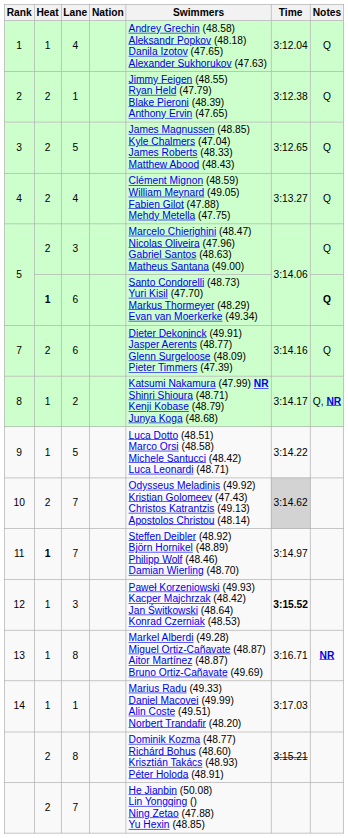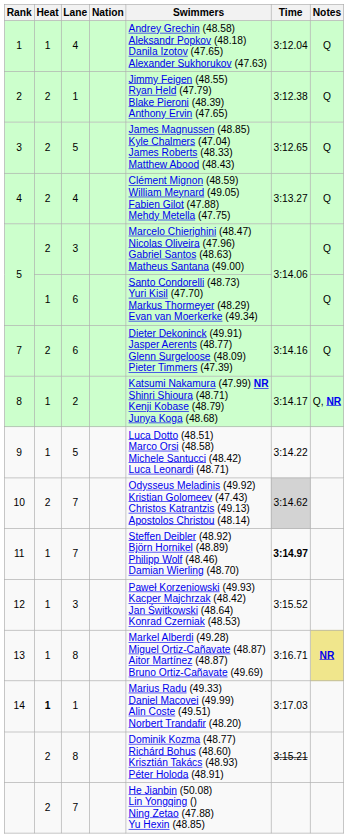 <table class="wikitable sortable" style="text-align:center">
 <tr>
 <th>Rank</th>
 <th>Heat</th>
 <th>Lane</th>
 <th>Nation</th>
 <th>Swimmers</th>
 <th>Time</th>
 <th>Notes</th>
 </tr>
 <tr bgcolor=ccffcc>
 <td>1</td>
 <td>1</td>
 <td>4</td>
 <td align=left></td>
 <td align=left><a href='#'>Andrey Grechin</a> (48.58)<br><a href='#'>Aleksandr Popkov</a> (48.18)<br><a href='#'>Danila Izotov</a> (47.65)<br><a href='#'>Alexander Sukhorukov</a> (47.63)</td>
 <td>3:12.04</td>
 <td>Q</td>
 </tr>
 <tr bgcolor=ccffcc>
 <td>2</td>
 <td>2</td>
 <td>1</td>
 <td align=left></td>
 <td align=left><a href='#'>Jimmy Feigen</a> (48.55)<br><a href='#'>Ryan Held</a> (47.79)<br><a href='#'>Blake Pieroni</a> (48.39)<br><a href='#'>Anthony Ervin</a> (47.65)</td>
 <td>3:12.38</td>
 <td>Q</td>
 </tr>
 <tr bgcolor=ccffcc>
 <td>3</td>
 <td>2</td>
 <td>5</td>
 <td align=left></td>
 <td align=left><a href='#'>James Magnussen</a> (48.85)<br><a href='#'>Kyle Chalmers</a> (47.04)<br><a href='#'>James Roberts</a> (48.33)<br><a href='#'>Matthew Abood</a> (48.43)</td>
 <td>3:12.65</td>
 <td>Q</td>
 </tr>
 <tr bgcolor=ccffcc>
 <td>4</td>
 <td>2</td>
 <td>4</td>
 <td align=left></td>
 <td align=left><a href='#'>Clément Mignon</a> (48.59)<br><a href='#'>William Meynard</a> (49.05)<br><a href='#'>Fabien Gilot</a> (47.88)<br><a href='#'>Mehdy Metella</a> (47.75)</td>
 <td>3:13.27</td>
 <td>Q</td>
 </tr>
 <tr bgcolor=ccffcc>
 <td rowspan=2>5</td>
 <td>2</td>
 <td>3</td>
 <td align=left></td>
 <td align=left><a href='#'>Marcelo Chierighini</a> (48.47)<br><a href='#'>Nicolas Oliveira</a> (47.96)<br><a href='#'>Gabriel Santos</a> (48.63)<br><a href='#'>Matheus Santana</a> (49.00)</td>
 <td rowspan=2>3:14.06</td>
 <td>Q</td>
 </tr>
 <tr bgcolor=ccffcc>
-<td><strong>1</strong></td>
+<td>1</td>
 <td>6</td>
 <td align=left></td>
 <td align=left><a href='#'>Santo Condorelli</a> (48.73)<br><a href='#'>Yuri Kisil</a> (47.70)<br><a href='#'>Markus Thormeyer</a> (48.29)<br><a href='#'>Evan van Moerkerke</a> (49.34)</td>
-<td><strong>Q</strong></td>
+<td>Q</td>
 </tr>
 <tr bgcolor=ccffcc>
 <td>7</td>
 <td>2</td>
 <td>6</td>
 <td align=left></td>
 <td align=left><a href='#'>Dieter Dekoninck</a> (49.91)<br><a href='#'>Jasper Aerents</a> (48.77)<br><a href='#'>Glenn Surgeloose</a> (48.09)<br><a href='#'>Pieter Timmers</a> (47.39)</td>
 <td>3:14.16</td>
 <td>Q</td>
 </tr>
 <tr bgcolor=ccffcc>
 <td>8</td>
 <td>1</td>
 <td>2</td>
 <td align=left></td>
 <td align=left><a href='#'>Katsumi Nakamura</a> (47.99) <strong><a href='#'>NR</a></strong><br><a href='#'>Shinri Shioura</a> (48.71)<br><a href='#'>Kenji Kobase</a> (48.79)<br><a href='#'>Junya Koga</a> (48.68)</td>
 <td>3:14.17</td>
 <td>Q, <strong><a href='#'>NR</a></strong></td>
 </tr>
 <tr>
 <td>9</td>
 <td>1</td>
 <td>5</td>
 <td align=left></td>
 <td align=left><a href='#'>Luca Dotto</a> (48.51)<br><a href='#'>Marco Orsi</a> (48.58)<br><a href='#'>Michele Santucci</a> (48.42)<br><a href='#'>Luca Leonardi</a> (48.71)</td>
 <td>3:14.22</td>
 <td></td>
 </tr>
 <tr>
 <td>10</td>
 <td>2</td>
 <td>7</td>
 <td align=left></td>
 <td align=left><a href='#'>Odysseus Meladinis</a> (49.92)<br><a href='#'>Kristian Golomeev</a> (47.43)<br><a href='#'>Christos Katrantzis</a> (49.13)<br><a href='#'>Apostolos Christou</a> (48.14)</td>
 <td style="background: lightgrey;">3:14.62</td>
 <td></td>
 </tr>
 <tr>
 <td>11</td>
-<td><strong>1</strong></td>
+<td>1</td>
 <td>7</td>
 <td align=left></td>
 <td align=left><a href='#'>Steffen Deibler</a> (48.92)<br><a href='#'>Björn Hornikel</a> (48.89)<br><a href='#'>Philipp Wolf</a> (48.46)<br><a href='#'>Damian Wierling</a> (48.70)</td>
-<td>3:14.97</td>
+<td><strong>3:14.97</strong></td>
 <td></td>
 </tr>
 <tr>
 <td>12</td>
 <td>1</td>
 <td>3</td>
 <td align=left></td>
 <td align=left><a href='#'>Paweł Korzeniowski</a> (49.93)<br><a href='#'>Kacper Majchrzak</a> (48.42)<br><a href='#'>Jan Świtkowski</a> (48.64)<br><a href='#'>Konrad Czerniak</a> (48.53)</td>
-<td><strong>3:15.52</strong></td>
+<td>3:15.52</td>
 <td></td>
 </tr>
 <tr>
 <td>13</td>
 <td>1</td>
 <td>8</td>
 <td align=left></td>
 <td align=left><a href='#'>Markel Alberdi</a> (49.28)<br><a href='#'>Miguel Ortiz-Cañavate</a> (48.87)<br><a href='#'>Aitor Martínez</a> (48.87)<br><a href='#'>Bruno Ortiz-Cañavate</a> (49.69)</td>
 <td>3:16.71</td>
-<td><strong><a href='#'>NR</a></strong></td>
+<td style="background: khaki;"><strong><a href='#'>NR</a></strong></td>
 </tr>
 <tr>
 <td>14</td>
-<td>1</td>
+<td><strong>1</strong></td>
 <td>1</td>
 <td align=left></td>
 <td align=left><a href='#'>Marius Radu</a> (49.33)<br><a href='#'>Daniel Macovei</a> (49.99)<br><a href='#'>Alin Coste</a> (49.51)<br><a href='#'>Norbert Trandafir</a> (48.20)</td>
 <td>3:17.03</td>
 <td></td>
 </tr>
 <tr>
 <td></td>
 <td>2</td>
 <td>8</td>
 <td align=left></td>
 <td align=left><a href='#'>Dominik Kozma</a> (48.77)<br><a href='#'>Richárd Bohus</a> (48.60)<br><a href='#'>Krisztián Takács</a> (48.93)<br><a href='#'>Péter Holoda</a> (48.91)</td>
 <td><s>3:15.21</s></td>
 <td></td>
 </tr>
 <tr>
 <td></td>
 <td>2</td>
 <td>7</td>
 <td align=left></td>
 <td align=left><a href='#'>He Jianbin</a> (50.08)<br><a href='#'>Lin Yongqing</a> ()<br><a href='#'>Ning Zetao</a> (47.88) <br><a href='#'>Yu Hexin</a> (48.85)</td>
 <td></td>
 <td></td>
 </tr>
 </table>
